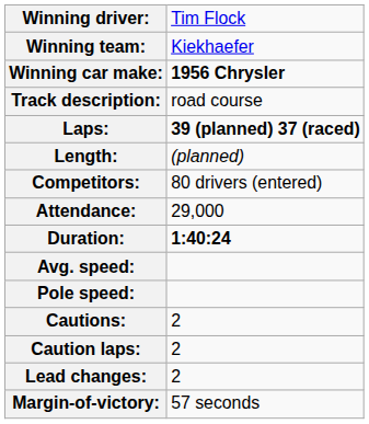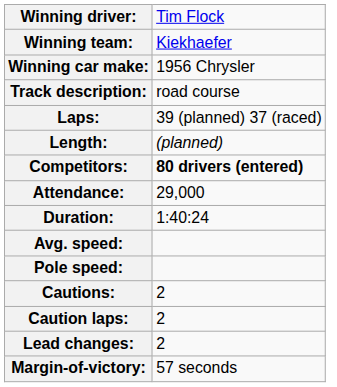 <table class="wikitable" style=text-align:left>
 <tr>
 <th>Winning driver:</th>
 <td><a href='#'>Tim Flock</a></td>
 </tr>
 <tr>
 <th>Winning team:</th>
 <td><a href='#'>Kiekhaefer</a></td>
 </tr>
 <tr>
 <th>Winning car make:</th>
-<td><strong>1956 Chrysler</strong></td>
+<td>1956 Chrysler</td>
 </tr>
 <tr>
 <th>Track description:</th>
 <td> road course</td>
 </tr>
 <tr>
 <th>Laps:</th>
-<td><strong>39 (planned) 37 (raced)</strong></td>
+<td>39 (planned) 37 (raced)</td>
 </tr>
 <tr>
 <th>Length:</th>
 <td>  <em>(planned)</em></td>
 </tr>
 <tr>
 <th>Competitors:</th>
-<td>80 drivers (entered)</td>
+<td><strong>80 drivers (entered)</strong></td>
 </tr>
 <tr>
 <th>Attendance:</th>
 <td>29,000</td>
 </tr>
 <tr>
 <th>Duration:</th>
-<td><strong>1:40:24</strong></td>
+<td>1:40:24</td>
 </tr>
 <tr>
 <th>Avg. speed:</th>
 <td></td>
 </tr>
 <tr>
 <th>Pole speed:</th>
 <td></td>
 </tr>
 <tr>
 <th>Cautions:</th>
 <td>2</td>
 </tr>
 <tr>
 <th>Caution laps:</th>
 <td>2</td>
 </tr>
 <tr>
 <th>Lead changes:</th>
 <td>2</td>
 </tr>
 <tr>
 <th>Margin-of-victory:</th>
 <td>57 seconds</td>
 </tr>
 </table>
